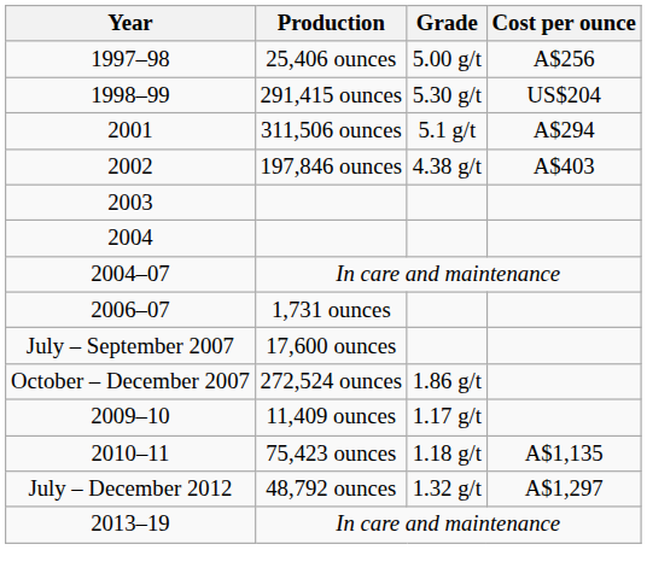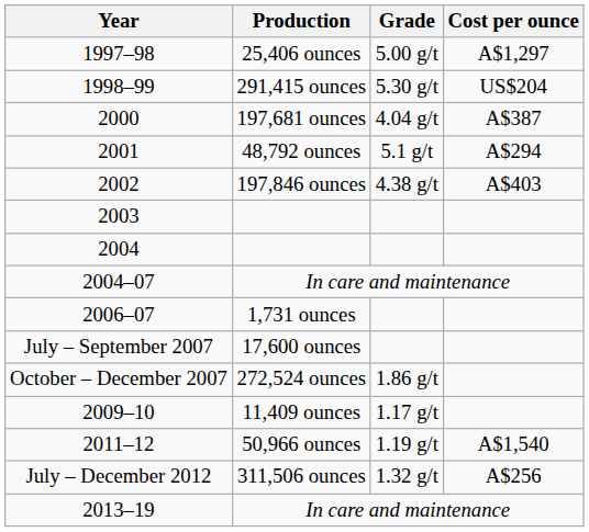 <table class="wikitable">
 <tr style="text-align:center;">
 <th>Year</th>
 <th>Production</th>
 <th>Grade</th>
 <th>Cost per ounce</th>
 </tr>
 <tr style="text-align:center;">
 <td>1997–98</td>
 <td>25,406 ounces</td>
 <td>5.00 g/t</td>
-<td>A$256</td>
+<td>A$1,297</td>
 </tr>
 <tr style="text-align:center;">
 <td>1998–99</td>
 <td>291,415 ounces</td>
 <td>5.30 g/t</td>
 <td>US$204</td>
 </tr>
 <tr style="text-align:center;">
+<td>2000</td>
+<td>197,681 ounces</td>
+<td>4.04 g/t</td>
+<td>A$387</td>
+</tr>
+<tr style="text-align:center;">
 <td>2001</td>
-<td>311,506 ounces</td>
+<td>48,792 ounces</td>
 <td>5.1 g/t</td>
 <td>A$294</td>
 </tr>
 <tr style="text-align:center;">
 <td>2002 </td>
 <td>197,846 ounces</td>
 <td>4.38 g/t</td>
 <td>A$403</td>
 </tr>
 <tr style="text-align:center;">
 <td>2003</td>
 <td></td>
 <td></td>
 <td></td>
 </tr>
 <tr style="text-align:center;">
 <td>2004</td>
 <td></td>
 <td></td>
 <td></td>
 </tr>
 <tr style="text-align:center;">
 <td>2004–07</td>
 <td colspan=3><em>In care and maintenance</em></td>
 </tr>
 <tr style="text-align:center;">
 <td>2006–07</td>
 <td>1,731 ounces</td>
 <td></td>
 <td></td>
 </tr>
 <tr style="text-align:center;">
 <td>July – September 2007</td>
 <td>17,600 ounces</td>
 <td></td>
 <td></td>
 </tr>
 <tr style="text-align:center;">
 <td>October – December 2007</td>
 <td>272,524 ounces</td>
 <td>1.86 g/t</td>
 <td></td>
 </tr>
 <tr style="text-align:center;">
 <td>2009–10</td>
 <td>11,409 ounces</td>
 <td>1.17 g/t</td>
 <td></td>
 </tr>
 <tr style="text-align:center;">
-<td>2010–11</td>
-<td>75,423 ounces</td>
-<td>1.18 g/t</td>
-<td>A$1,135</td>
+<td>2011–12</td>
+<td>50,966 ounces</td>
+<td>1.19 g/t</td>
+<td>A$1,540</td>
 </tr>
 <tr style="text-align:center;">
 <td>July – December 2012</td>
-<td>48,792 ounces</td>
+<td>311,506 ounces</td>
 <td>1.32 g/t</td>
-<td>A$1,297</td>
+<td>A$256</td>
 </tr>
 <tr style="text-align:center;">
 <td>2013–19</td>
 <td colspan=3><em>In care and maintenance</em></td>
 </tr>
 </table>
